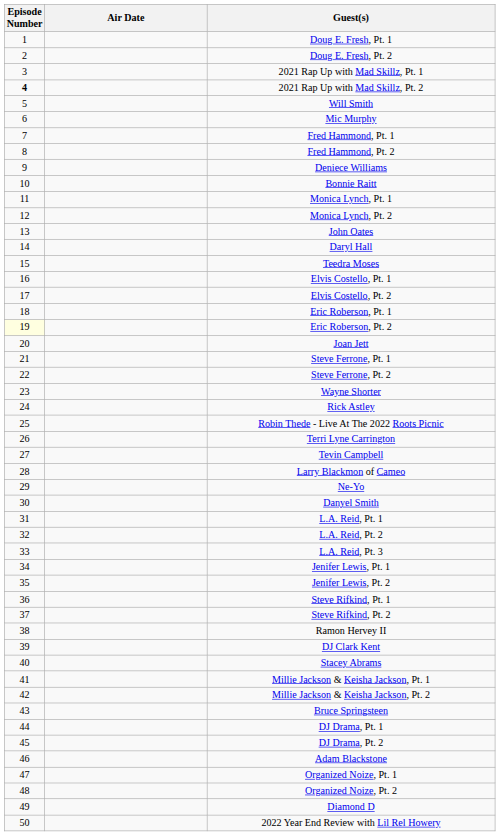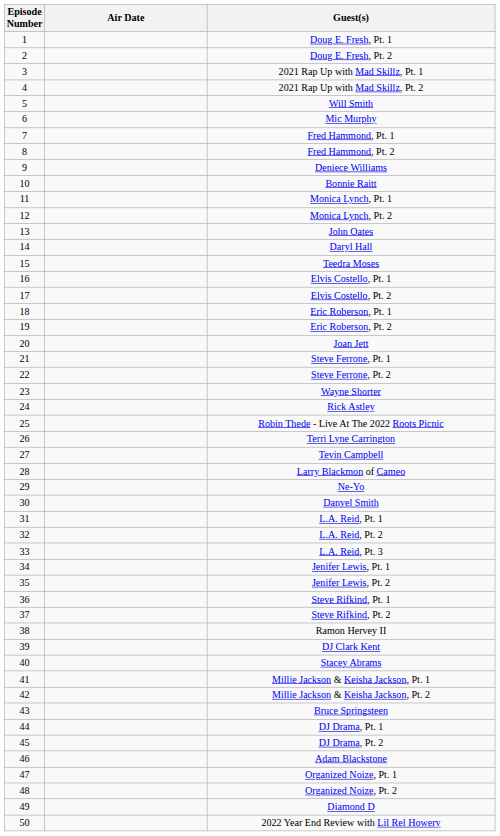 <table class="wikitable" style="text-align: center;">
 <tr>
 <th scope="col" style="width: 20px;">Episode Number</th>
 <th scope="col" style="width: 250px;">Air Date</th>
 <th scope="col" style="width: 450px;">Guest(s)</th>
 </tr>
 <tr>
 <td>1</td>
 <td></td>
 <td><a href='#'>Doug E. Fresh</a>, Pt. 1</td>
 </tr>
 <tr>
 <td>2</td>
 <td></td>
 <td><a href='#'>Doug E. Fresh</a>, Pt. 2</td>
 </tr>
 <tr>
 <td>3</td>
 <td></td>
 <td>2021 Rap Up with <a href='#'>Mad Skillz</a>, Pt. 1</td>
 </tr>
 <tr>
-<td><strong>4</strong></td>
+<td>4</td>
 <td></td>
 <td>2021 Rap Up with <a href='#'>Mad Skillz</a>, Pt. 2</td>
 </tr>
 <tr>
 <td>5</td>
 <td></td>
 <td><a href='#'>Will Smith</a></td>
 </tr>
 <tr>
 <td>6</td>
 <td></td>
 <td><a href='#'>Mic Murphy</a></td>
 </tr>
 <tr>
 <td>7</td>
 <td></td>
 <td><a href='#'>Fred Hammond</a>, Pt. 1</td>
 </tr>
 <tr>
 <td>8</td>
 <td></td>
 <td><a href='#'>Fred Hammond</a>, Pt. 2</td>
 </tr>
 <tr>
 <td>9</td>
 <td></td>
 <td><a href='#'>Deniece Williams</a></td>
 </tr>
 <tr>
 <td>10</td>
 <td></td>
 <td><a href='#'>Bonnie Raitt</a></td>
 </tr>
 <tr>
 <td>11</td>
 <td></td>
 <td><a href='#'>Monica Lynch</a>, Pt. 1</td>
 </tr>
 <tr>
 <td>12</td>
 <td></td>
 <td><a href='#'>Monica Lynch</a>, Pt. 2</td>
 </tr>
 <tr>
 <td>13</td>
 <td></td>
 <td><a href='#'>John Oates</a></td>
 </tr>
 <tr>
 <td>14</td>
 <td></td>
 <td><a href='#'>Daryl Hall</a></td>
 </tr>
 <tr>
 <td>15</td>
 <td></td>
 <td><a href='#'>Teedra Moses</a></td>
 </tr>
 <tr>
 <td>16</td>
 <td></td>
 <td><a href='#'>Elvis Costello</a>, Pt. 1</td>
 </tr>
 <tr>
 <td>17</td>
 <td></td>
 <td><a href='#'>Elvis Costello</a>, Pt. 2</td>
 </tr>
 <tr>
 <td>18</td>
 <td></td>
 <td><a href='#'>Eric Roberson</a>, Pt. 1</td>
 </tr>
 <tr>
-<td style="background: lightyellow;">19</td>
+<td>19</td>
 <td></td>
 <td><a href='#'>Eric Roberson</a>, Pt. 2</td>
 </tr>
 <tr>
 <td>20</td>
 <td></td>
 <td><a href='#'>Joan Jett</a></td>
 </tr>
 <tr>
 <td>21</td>
 <td></td>
 <td><a href='#'>Steve Ferrone</a>, Pt. 1</td>
 </tr>
 <tr>
 <td>22</td>
 <td></td>
 <td><a href='#'>Steve Ferrone</a>, Pt. 2</td>
 </tr>
 <tr>
 <td>23</td>
 <td></td>
 <td><a href='#'>Wayne Shorter</a></td>
 </tr>
 <tr>
 <td>24</td>
 <td></td>
 <td><a href='#'>Rick Astley</a></td>
 </tr>
 <tr>
 <td>25</td>
 <td></td>
 <td><a href='#'>Robin Thede</a> - Live At The 2022 <a href='#'>Roots Picnic</a></td>
 </tr>
 <tr>
 <td>26</td>
 <td></td>
 <td><a href='#'>Terri Lyne Carrington</a></td>
 </tr>
 <tr>
 <td>27</td>
 <td></td>
 <td><a href='#'>Tevin Campbell</a></td>
 </tr>
 <tr>
 <td>28</td>
 <td></td>
 <td><a href='#'>Larry Blackmon</a> of <a href='#'>Cameo</a></td>
 </tr>
 <tr>
 <td>29</td>
 <td></td>
 <td><a href='#'>Ne-Yo</a></td>
 </tr>
 <tr>
 <td>30</td>
 <td></td>
 <td><a href='#'>Danyel Smith</a></td>
 </tr>
 <tr>
 <td>31</td>
 <td></td>
 <td><a href='#'>L.A. Reid</a>, Pt. 1</td>
 </tr>
 <tr>
 <td>32</td>
 <td></td>
 <td><a href='#'>L.A. Reid</a>, Pt. 2</td>
 </tr>
 <tr>
 <td>33</td>
 <td></td>
 <td><a href='#'>L.A. Reid</a>, Pt. 3</td>
 </tr>
 <tr>
 <td>34</td>
 <td></td>
 <td><a href='#'>Jenifer Lewis</a>, Pt. 1</td>
 </tr>
 <tr>
 <td>35</td>
 <td></td>
 <td><a href='#'>Jenifer Lewis</a>, Pt. 2</td>
 </tr>
 <tr>
 <td>36</td>
 <td></td>
 <td><a href='#'>Steve Rifkind</a>, Pt. 1</td>
 </tr>
 <tr>
 <td>37</td>
 <td></td>
 <td><a href='#'>Steve Rifkind</a>, Pt. 2</td>
 </tr>
 <tr>
 <td>38</td>
 <td></td>
 <td>Ramon Hervey II</td>
 </tr>
 <tr>
 <td>39</td>
 <td></td>
 <td><a href='#'>DJ Clark Kent</a></td>
 </tr>
 <tr>
 <td>40</td>
 <td></td>
 <td><a href='#'>Stacey Abrams</a></td>
 </tr>
 <tr>
 <td>41</td>
 <td></td>
 <td><a href='#'>Millie Jackson</a> & <a href='#'>Keisha Jackson</a>, Pt. 1</td>
 </tr>
 <tr>
 <td>42</td>
 <td></td>
 <td><a href='#'>Millie Jackson</a> & <a href='#'>Keisha Jackson</a>, Pt. 2</td>
 </tr>
 <tr>
 <td>43</td>
 <td></td>
 <td><a href='#'>Bruce Springsteen</a></td>
 </tr>
 <tr>
 <td>44</td>
 <td></td>
 <td><a href='#'>DJ Drama</a>, Pt. 1</td>
 </tr>
 <tr>
 <td>45</td>
 <td></td>
 <td><a href='#'>DJ Drama</a>, Pt. 2</td>
 </tr>
 <tr>
 <td>46</td>
 <td></td>
 <td><a href='#'>Adam Blackstone</a></td>
 </tr>
 <tr>
 <td>47</td>
 <td></td>
 <td><a href='#'>Organized Noize</a>, Pt. 1</td>
 </tr>
 <tr>
 <td>48</td>
 <td></td>
 <td><a href='#'>Organized Noize</a>, Pt. 2</td>
 </tr>
 <tr>
 <td>49</td>
 <td></td>
 <td><a href='#'>Diamond D</a></td>
 </tr>
 <tr>
 <td>50</td>
 <td></td>
 <td>2022 Year End Review with <a href='#'>Lil Rel Howery</a></td>
 </tr>
 </table>
